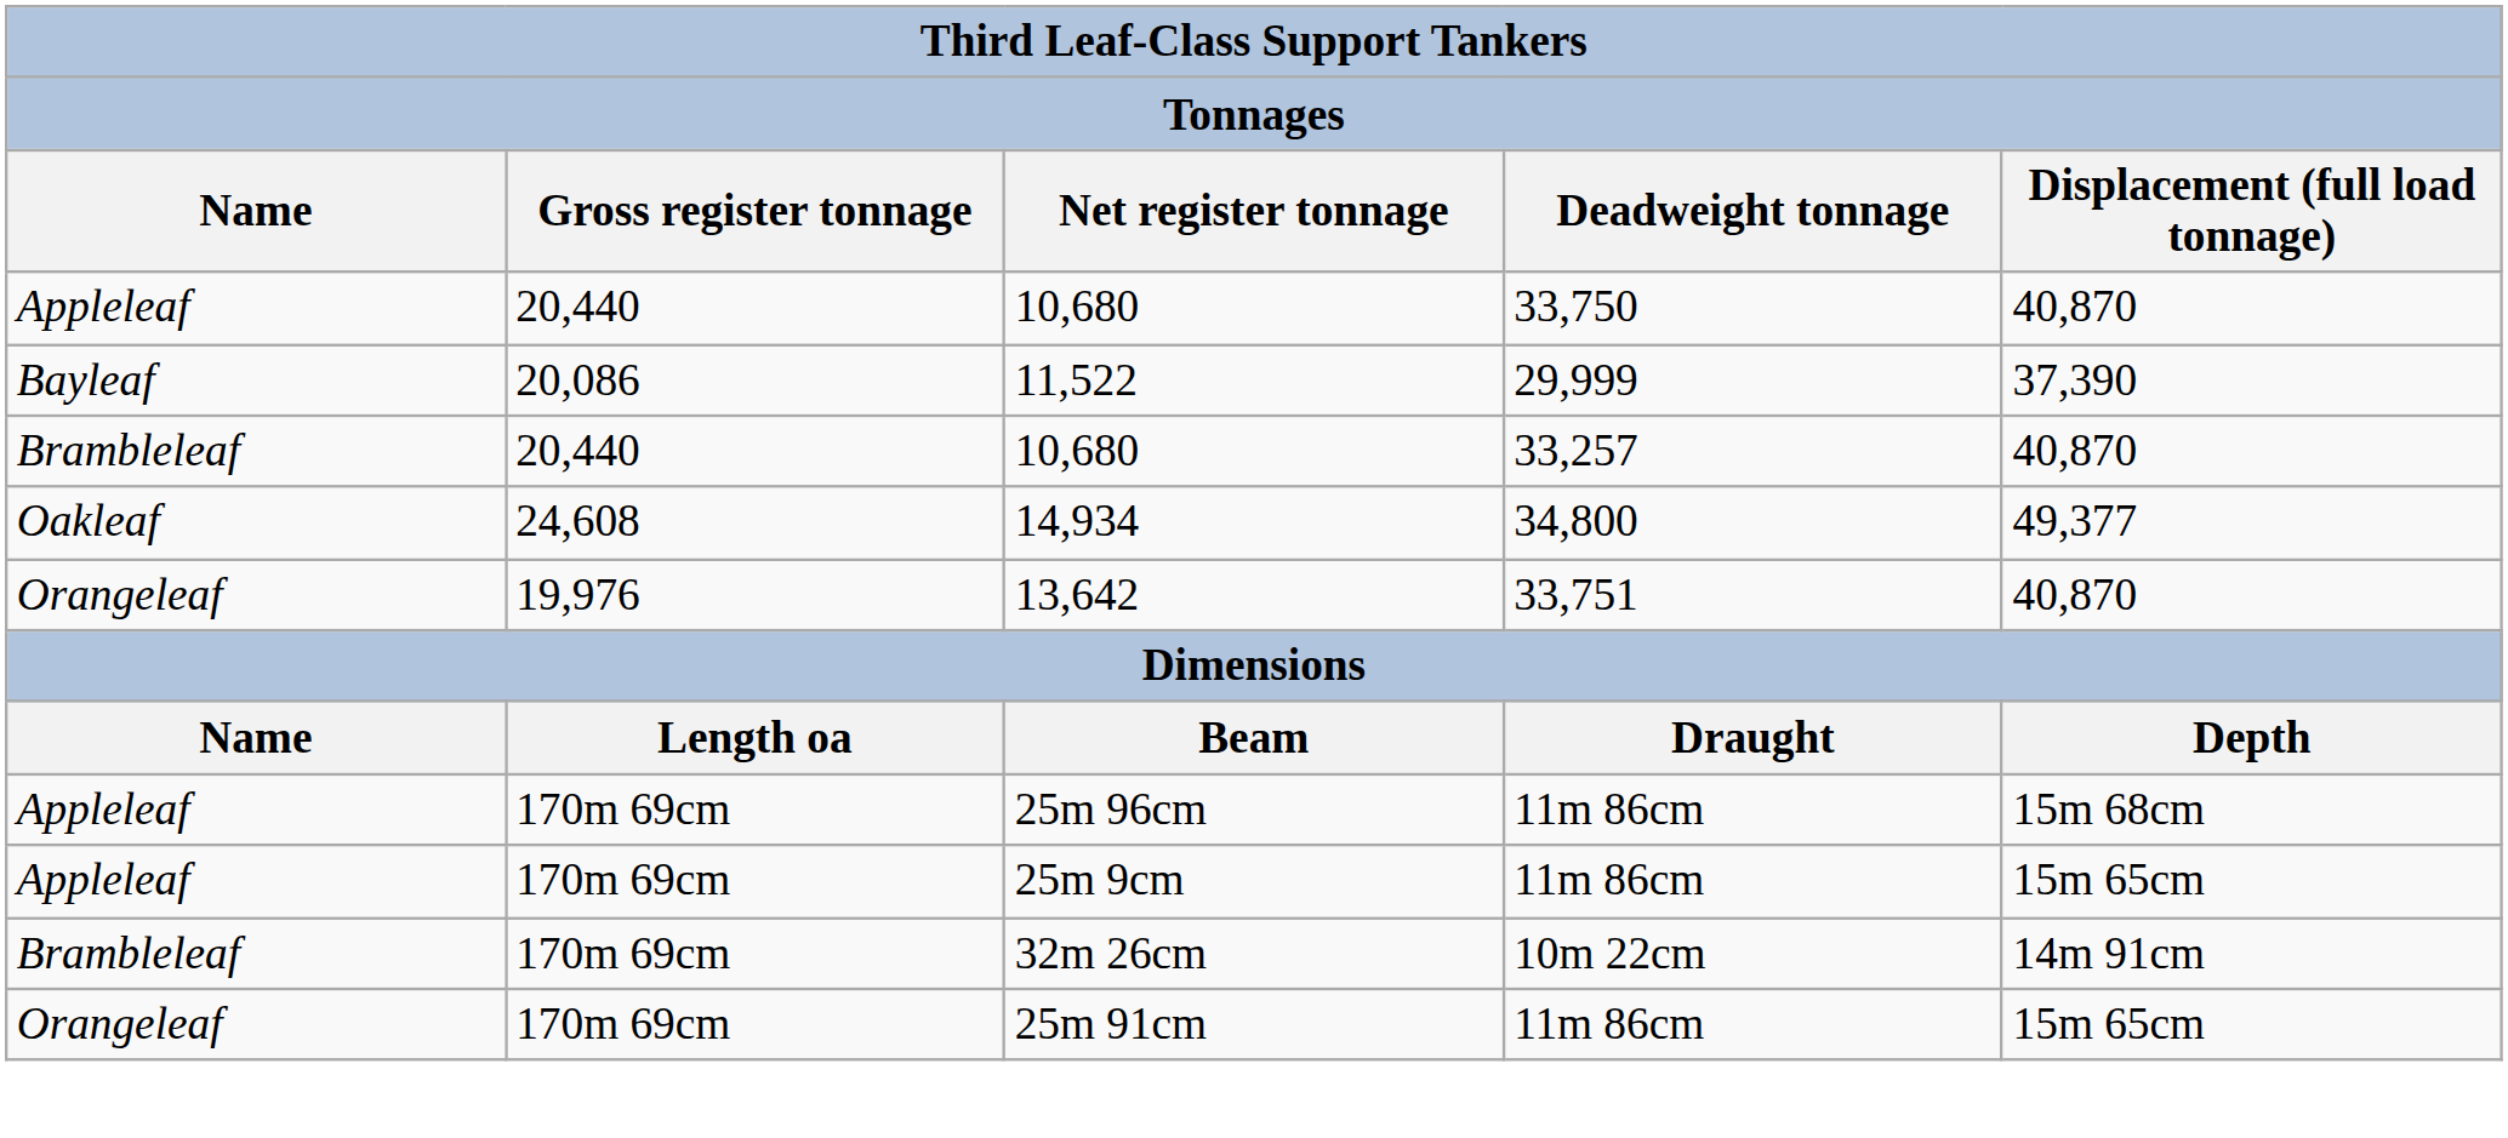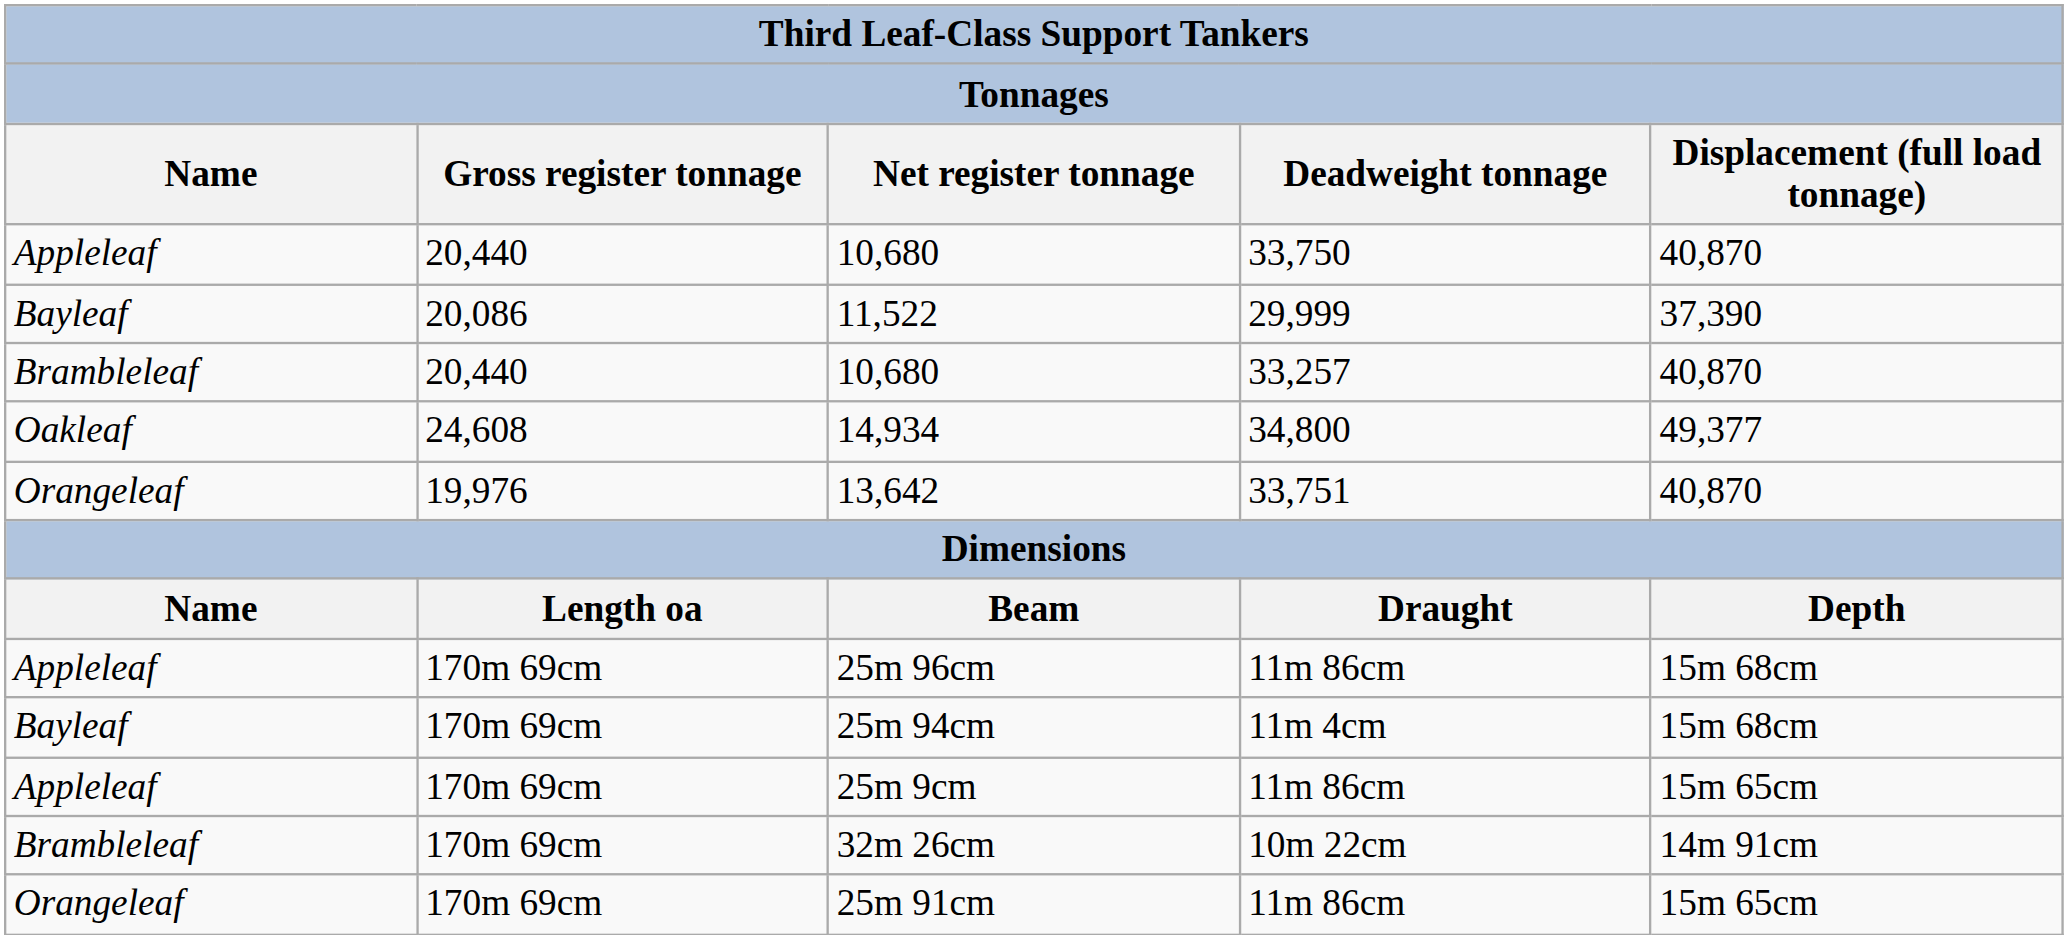 <table class="wikitable" style="margin:auto; width:100%;">
 <tr>
 <th style="align: center; background:#B0C4DE;" colspan="5">Third Leaf-Class Support Tankers</th>
 </tr>
 <tr>
 <th style="align: center; background:#B0C4DE;" colspan="5">Tonnages</th>
 </tr>
 <tr>
 <th style="text-align:center; width:20%;">Name</th>
 <th style="text-align:center; width:20%;">Gross register tonnage</th>
 <th style="text-align:center; width:20%;">Net register tonnage</th>
 <th style="text-align:center; width:20%;">Deadweight tonnage</th>
 <th style="text-align:center; width:20%;">Displacement (full load tonnage)</th>
 </tr>
 <tr>
 <td><em>Appleleaf</em></td>
 <td>20,440</td>
 <td>10,680</td>
 <td>33,750</td>
 <td>40,870</td>
 </tr>
 <tr>
 <td><em>Bayleaf</em></td>
 <td>20,086</td>
 <td>11,522</td>
 <td>29,999</td>
 <td>37,390</td>
 </tr>
 <tr>
 <td><em>Brambleleaf</em></td>
 <td>20,440</td>
 <td>10,680</td>
 <td>33,257</td>
 <td>40,870</td>
 </tr>
 <tr>
 <td><em>Oakleaf</em></td>
 <td>24,608</td>
 <td>14,934</td>
 <td>34,800</td>
 <td>49,377</td>
 </tr>
 <tr>
 <td><em>Orangeleaf</em></td>
 <td>19,976</td>
 <td>13,642</td>
 <td>33,751</td>
 <td>40,870</td>
 </tr>
 <tr>
 <th style="align: center; background:#B0C4DE;" colspan="5">Dimensions</th>
 </tr>
 <tr>
 <th style="text-align:center; width:20%;">Name</th>
 <th style="text-align:center; width:20%;">Length oa</th>
 <th style="text-align:center; width:20%;">Beam</th>
 <th style="text-align:center; width:20%;">Draught</th>
 <th style="text-align:center; width:20%;">Depth</th>
 </tr>
 <tr>
 <td><em>Appleleaf</em></td>
 <td>170m 69cm</td>
 <td>25m 96cm</td>
 <td>11m 86cm</td>
 <td>15m 68cm</td>
 </tr>
 <tr>
+<td><em>Bayleaf</em></td>
+<td>170m 69cm</td>
+<td>25m 94cm</td>
+<td>11m 4cm</td>
+<td>15m 68cm</td>
+</tr>
+<tr>
 <td><em>Appleleaf</em></td>
 <td>170m 69cm</td>
 <td>25m 9cm</td>
 <td>11m 86cm</td>
 <td>15m 65cm</td>
 </tr>
 <tr>
 <td><em>Brambleleaf</em></td>
 <td>170m 69cm</td>
 <td>32m 26cm</td>
 <td>10m 22cm</td>
 <td>14m 91cm</td>
 </tr>
 <tr>
 <td><em>Orangeleaf</em></td>
 <td>170m 69cm</td>
 <td>25m 91cm</td>
 <td>11m 86cm</td>
 <td>15m 65cm</td>
 </tr>
 </table>
